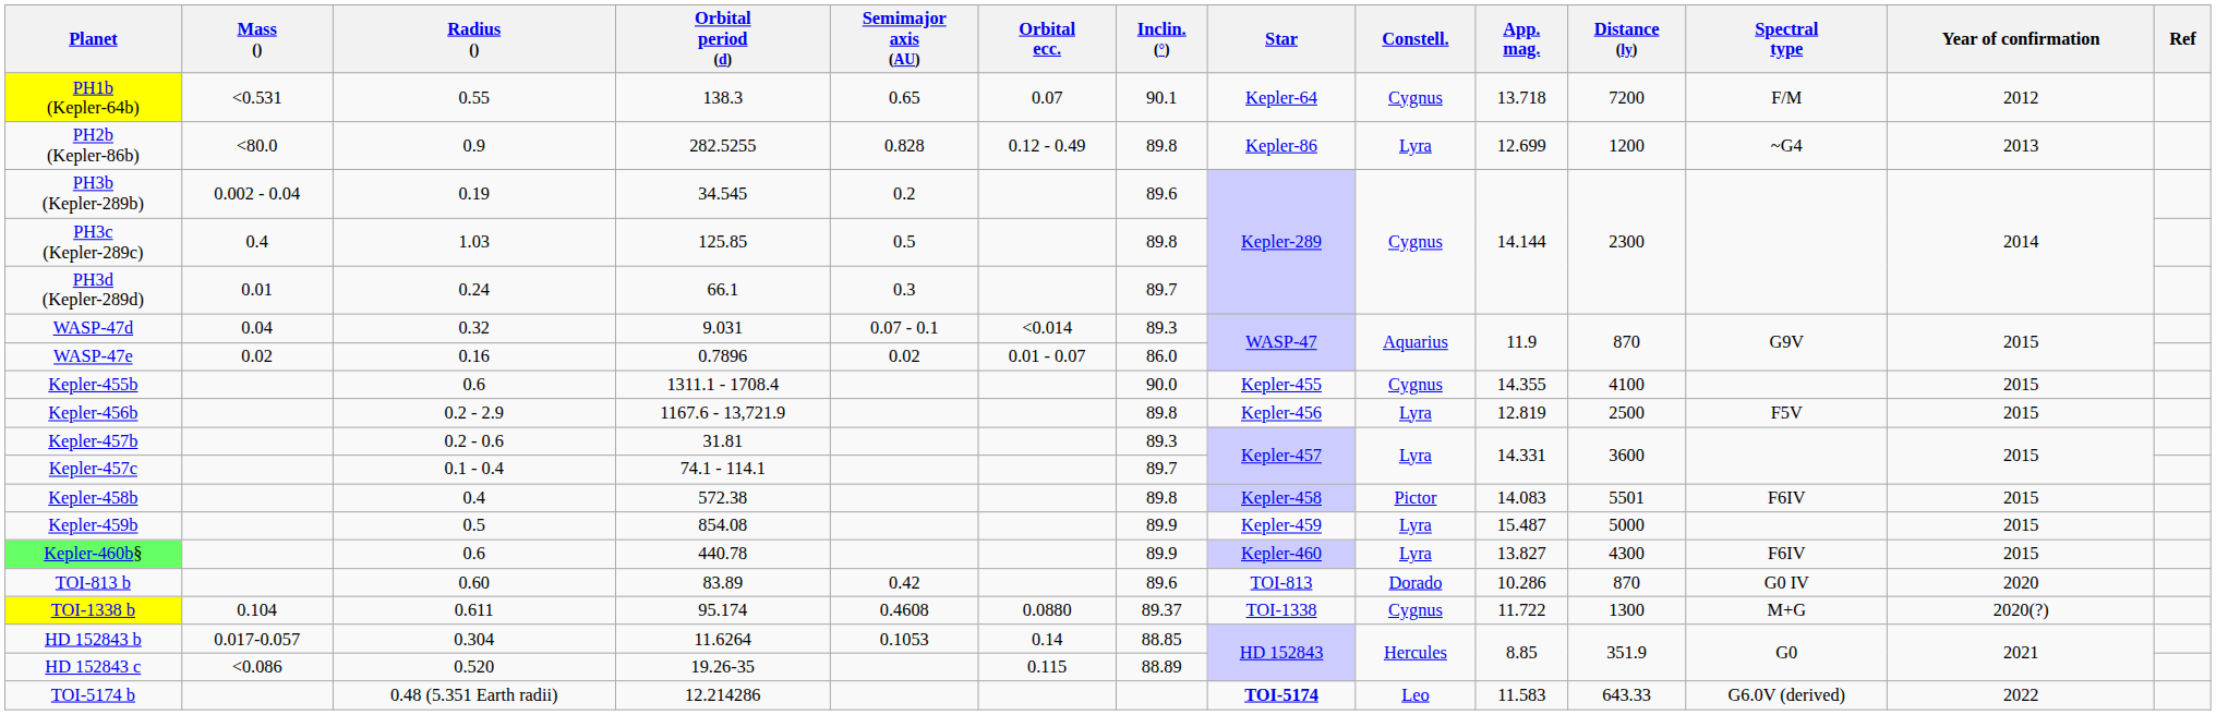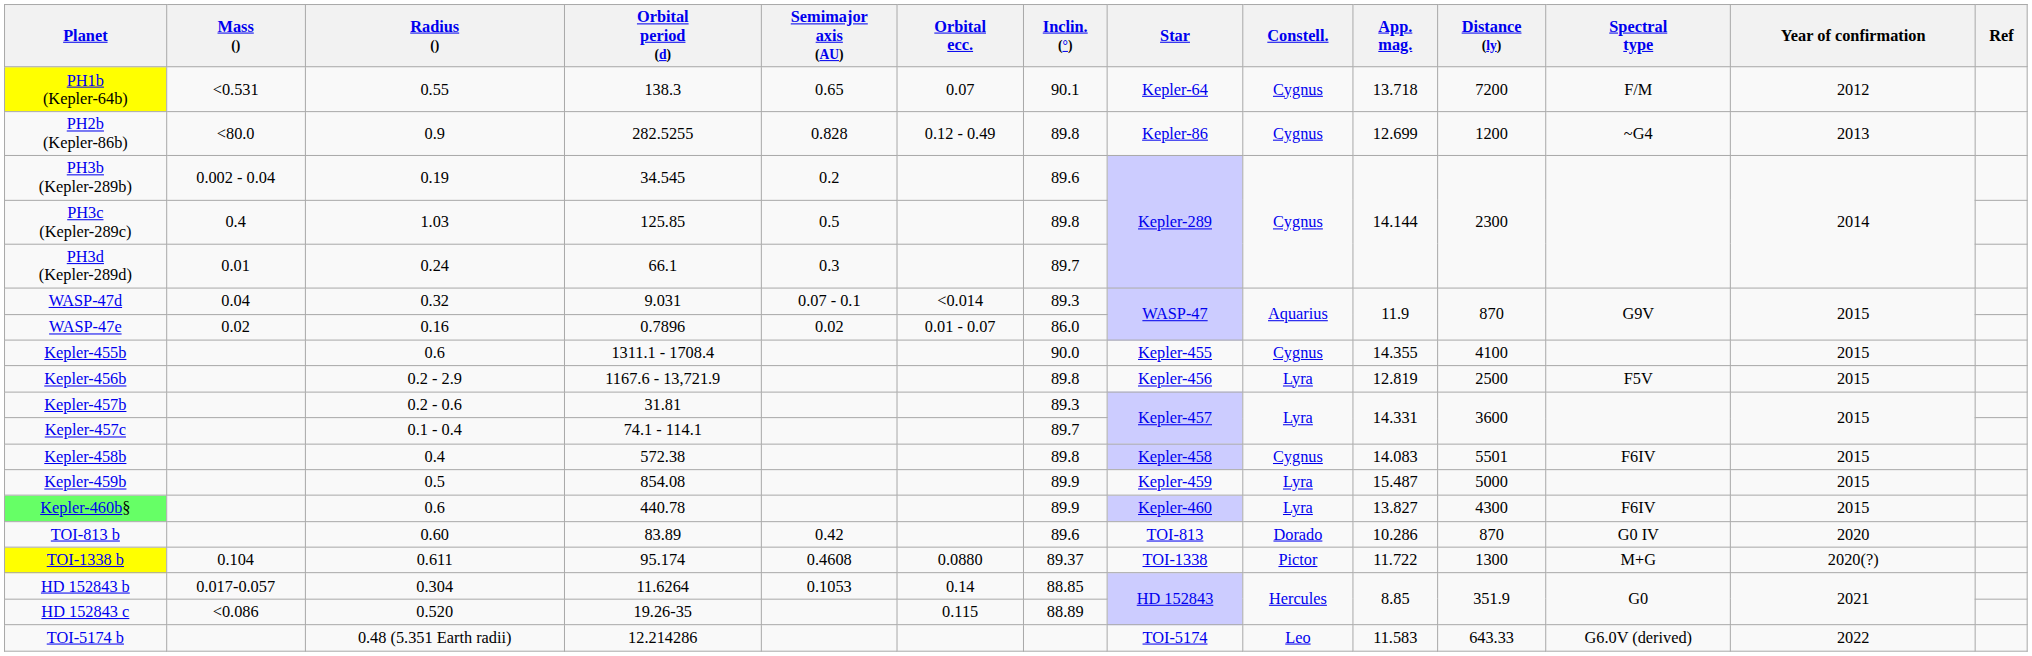 <table class="sortable wikitable" style="width: 100%; text-align: center;">
 <tr>
 <th><a href='#'>Planet</a></th>
 <th><a href='#'>Mass</a><br><small>()</small></th>
 <th><a href='#'>Radius</a><br><small>()</small></th>
 <th><a href='#'>Orbital<br>period</a><br><small>(<a href='#'>d</a>)</small></th>
 <th><a href='#'>Semimajor<br>axis</a><br><small>(<a href='#'>AU</a>)</small></th>
 <th><a href='#'>Orbital<br>ecc.</a></th>
 <th><a href='#'>Inclin.</a><br><small>(<a href='#'>°</a>)</small></th>
 <th><a href='#'>Star</a></th>
 <th><a href='#'>Constell.</a><br></th>
 <th><a href='#'>App.<br>mag.</a></th>
 <th><a href='#'>Distance</a><br> <small>(<a href='#'>ly</a>)</small></th>
 <th><a href='#'>Spectral<br>type</a></th>
 <th>Year of confirmation</th>
 <th>Ref</th>
 </tr>
 <tr>
 <td style="background-color: yellow"><a href='#'>PH1b</a><br>(Kepler-64b)</td>
 <td><0.531</td>
 <td>0.55</td>
 <td>138.3</td>
 <td>0.65</td>
 <td>0.07</td>
 <td>90.1</td>
 <td><a href='#'>Kepler-64</a></td>
 <td><a href='#'>Cygnus</a></td>
 <td>13.718</td>
 <td>7200</td>
 <td>F/M</td>
 <td>2012</td>
 <td></td>
 </tr>
 <tr>
 <td><a href='#'>PH2b</a><br>(Kepler-86b)</td>
 <td><80.0</td>
 <td>0.9</td>
 <td>282.5255</td>
 <td>0.828</td>
 <td>0.12 - 0.49</td>
 <td>89.8</td>
 <td><a href='#'>Kepler-86</a></td>
-<td><a href='#'>Lyra</a></td>
+<td><a href='#'>Cygnus</a></td>
 <td>12.699</td>
 <td>1200</td>
 <td>~G4</td>
 <td>2013</td>
 <td></td>
 </tr>
 <tr>
 <td><a href='#'>PH3b</a><br>(Kepler-289b)</td>
 <td>0.002 - 0.04</td>
 <td>0.19</td>
 <td>34.545</td>
 <td>0.2</td>
 <td></td>
 <td>89.6</td>
 <td rowspan="3" style="background-color:#ccccff"><a href='#'>Kepler-289</a></td>
 <td rowspan="3"><a href='#'>Cygnus</a></td>
 <td rowspan="3">14.144</td>
 <td rowspan="3">2300</td>
 <td rowspan="3"></td>
 <td rowspan="3">2014</td>
 <td></td>
 </tr>
 <tr>
 <td><a href='#'>PH3c</a><br>(Kepler-289c)</td>
 <td>0.4</td>
 <td>1.03</td>
 <td>125.85</td>
 <td>0.5</td>
 <td></td>
 <td>89.8</td>
 <td></td>
 </tr>
 <tr>
 <td><a href='#'>PH3d</a><br>(Kepler-289d)</td>
 <td>0.01</td>
 <td>0.24</td>
 <td>66.1</td>
 <td>0.3</td>
 <td></td>
 <td>89.7</td>
 <td></td>
 </tr>
 <tr>
 <td><a href='#'>WASP-47d</a></td>
 <td>0.04</td>
 <td>0.32</td>
 <td>9.031</td>
 <td>0.07 - 0.1</td>
 <td><0.014</td>
 <td>89.3</td>
 <td rowspan="2" style="background-color:#ccccff"><a href='#'>WASP-47</a></td>
 <td rowspan="2"><a href='#'>Aquarius</a></td>
 <td rowspan="2">11.9</td>
 <td rowspan="2">870</td>
 <td rowspan="2">G9V</td>
 <td rowspan="2">2015</td>
 <td></td>
 </tr>
 <tr>
 <td><a href='#'>WASP-47e</a></td>
 <td>0.02</td>
 <td>0.16</td>
 <td>0.7896</td>
 <td>0.02</td>
 <td>0.01 - 0.07</td>
 <td>86.0</td>
 <td></td>
 </tr>
 <tr>
 <td><a href='#'>Kepler-455b</a></td>
 <td></td>
 <td>0.6</td>
 <td>1311.1 - 1708.4</td>
 <td></td>
 <td></td>
 <td>90.0</td>
 <td><a href='#'>Kepler-455</a></td>
 <td><a href='#'>Cygnus</a></td>
 <td>14.355</td>
 <td>4100</td>
 <td></td>
 <td>2015</td>
 <td></td>
 </tr>
 <tr>
 <td><a href='#'>Kepler-456b</a></td>
 <td></td>
 <td>0.2 - 2.9</td>
 <td>1167.6 - 13,721.9</td>
 <td></td>
 <td></td>
 <td>89.8</td>
 <td><a href='#'>Kepler-456</a></td>
 <td><a href='#'>Lyra</a></td>
 <td>12.819</td>
 <td>2500</td>
 <td>F5V</td>
 <td>2015</td>
 <td></td>
 </tr>
 <tr>
 <td><a href='#'>Kepler-457b</a></td>
 <td></td>
 <td>0.2 - 0.6</td>
 <td>31.81</td>
 <td></td>
 <td></td>
 <td>89.3</td>
 <td rowspan="2" style="background-color:#ccccff"><a href='#'>Kepler-457</a></td>
 <td rowspan="2"><a href='#'>Lyra</a></td>
 <td rowspan="2">14.331</td>
 <td rowspan="2">3600</td>
 <td rowspan="2"></td>
 <td rowspan="2">2015</td>
 <td></td>
 </tr>
 <tr>
 <td><a href='#'>Kepler-457c</a></td>
 <td></td>
 <td>0.1 - 0.4</td>
 <td>74.1 - 114.1</td>
 <td></td>
 <td></td>
 <td>89.7</td>
 <td></td>
 </tr>
 <tr>
 <td><a href='#'>Kepler-458b</a></td>
 <td></td>
 <td>0.4</td>
 <td>572.38</td>
 <td></td>
 <td></td>
 <td>89.8</td>
 <td style="background-color:#ccccff"><a href='#'>Kepler-458</a></td>
-<td><a href='#'>Pictor</a></td>
+<td><a href='#'>Cygnus</a></td>
 <td>14.083</td>
 <td>5501</td>
 <td>F6IV</td>
 <td>2015</td>
 <td></td>
 </tr>
 <tr>
 <td><a href='#'>Kepler-459b</a></td>
 <td></td>
 <td>0.5</td>
 <td>854.08</td>
 <td></td>
 <td></td>
 <td>89.9</td>
 <td><a href='#'>Kepler-459</a></td>
 <td><a href='#'>Lyra</a></td>
 <td>15.487</td>
 <td>5000</td>
 <td></td>
 <td>2015</td>
 <td></td>
 </tr>
 <tr>
 <td style="background-color:#66ff66"><a href='#'>Kepler-460b</a>§</td>
 <td></td>
 <td>0.6</td>
 <td>440.78</td>
 <td></td>
 <td></td>
 <td>89.9</td>
 <td style="background-color:#ccccff"><a href='#'>Kepler-460</a></td>
 <td><a href='#'>Lyra</a></td>
 <td>13.827</td>
 <td>4300</td>
 <td>F6IV</td>
 <td>2015</td>
 <td></td>
 </tr>
 <tr>
 <td><a href='#'>TOI-813 b</a></td>
 <td></td>
 <td>0.60</td>
 <td>83.89</td>
 <td>0.42</td>
 <td></td>
 <td>89.6</td>
 <td><a href='#'>TOI-813</a></td>
 <td><a href='#'>Dorado</a></td>
 <td>10.286</td>
 <td>870</td>
 <td>G0 IV</td>
 <td>2020</td>
 <td></td>
 </tr>
 <tr>
 <td style="background-color: yellow"><a href='#'>TOI-1338 b</a></td>
 <td>0.104</td>
 <td>0.611</td>
 <td>95.174</td>
 <td>0.4608</td>
 <td>0.0880</td>
 <td>89.37</td>
 <td><a href='#'>TOI-1338</a></td>
-<td><a href='#'>Cygnus</a></td>
+<td><a href='#'>Pictor</a></td>
 <td>11.722</td>
 <td>1300</td>
 <td>M+G</td>
 <td>2020(?)</td>
 <td></td>
 </tr>
 <tr>
 <td><a href='#'>HD 152843 b</a></td>
 <td>0.017-0.057</td>
 <td>0.304</td>
 <td>11.6264</td>
 <td>0.1053</td>
 <td>0.14</td>
 <td>88.85</td>
 <td rowspan="2" style="background-color:#ccccff"><a href='#'>HD 152843</a></td>
 <td rowspan="2"><a href='#'>Hercules</a></td>
 <td rowspan="2">8.85</td>
 <td rowspan="2">351.9</td>
 <td rowspan="2">G0</td>
 <td rowspan="2">2021</td>
 <td></td>
 </tr>
 <tr>
 <td><a href='#'>HD 152843 c</a></td>
 <td><0.086</td>
 <td>0.520</td>
 <td>19.26-35</td>
 <td></td>
 <td>0.115</td>
 <td>88.89</td>
 <td></td>
 </tr>
 <tr>
 <td><a href='#'>TOI-5174 b</a></td>
 <td></td>
 <td>0.48 (5.351 Earth radii)</td>
 <td>12.214286</td>
 <td></td>
 <td></td>
 <td></td>
-<td><strong><a href='#'>TOI-5174</a></strong></td>
+<td><a href='#'>TOI-5174</a></td>
 <td><a href='#'>Leo</a></td>
 <td>11.583</td>
 <td>643.33</td>
 <td>G6.0V (derived)</td>
 <td>2022</td>
 <td></td>
 </tr>
 </table>
